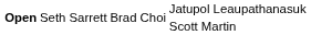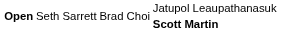 <table>
 <tr>
 <th scope=row rowspan=2>Open</th>
 <td rowspan=2> Seth Sarrett</td>
 <td rowspan=2> Brad Choi</td>
 <td> Jatupol Leaupathanasuk</td>
 </tr>
 <tr>
-<td> Scott Martin</td>
+<td><strong> Scott Martin</strong></td>
 </tr>
 <tr>
 </tr>
 </table>
